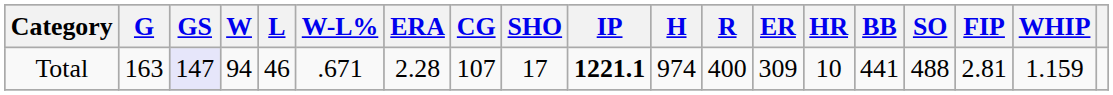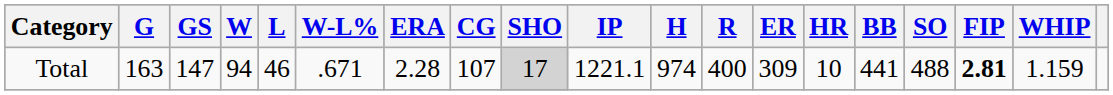 <table class="wikitable" style="font-size:95%;text-align:center;">
 <tr>
 <th>Category</th>
 <th><a href='#'>G</a></th>
 <th><a href='#'>GS</a></th>
 <th><a href='#'>W</a></th>
 <th><a href='#'>L</a></th>
 <th><a href='#'>W-L%</a></th>
 <th><a href='#'>ERA</a></th>
 <th><a href='#'>CG</a></th>
 <th><a href='#'>SHO</a></th>
 <th><a href='#'>IP</a></th>
 <th><a href='#'>H</a></th>
 <th><a href='#'>R</a></th>
 <th><a href='#'>ER</a></th>
 <th><a href='#'>HR</a></th>
 <th><a href='#'>BB</a></th>
 <th><a href='#'>SO</a></th>
 <th><a href='#'>FIP</a></th>
 <th><a href='#'>WHIP</a></th>
 <th></th>
 </tr>
 <tr>
 <td>Total</td>
 <td>163</td>
-<td style="background: lavender;">147</td>
+<td>147</td>
 <td>94</td>
 <td>46</td>
 <td>.671</td>
 <td>2.28</td>
 <td>107</td>
-<td>17</td>
-<td><strong>1221.1</strong></td>
+<td style="background: lightgrey;">17</td>
+<td>1221.1</td>
 <td>974</td>
 <td>400</td>
 <td>309</td>
 <td>10</td>
 <td>441</td>
 <td>488</td>
-<td>2.81</td>
+<td><strong>2.81</strong></td>
 <td>1.159</td>
 <td></td>
 </tr>
 </table>
